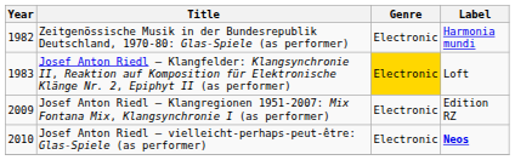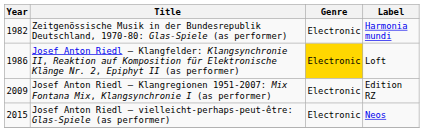 <table class="wikitable">
 <tr>
 <th>Year</th>
 <th>Title</th>
 <th>Genre</th>
 <th>Label</th>
 </tr>
 <tr>
 <td>1982</td>
 <td>Zeitgenössische Musik in der Bundesrepublik Deutschland, 1970-80: <em>Glas-Spiele</em> (as performer)</td>
 <td>Electronic</td>
 <td><a href='#'>Harmonia mundi</a></td>
 </tr>
 <tr>
-<td>1983</td>
+<td>1986</td>
 <td><a href='#'>Josef Anton Riedl</a> – Klangfelder: <em>Klangsynchronie II</em>, <em>Reaktion auf Komposition für Elektronische Klänge Nr. 2</em>, <em>Epiphyt II</em> (as performer)</td>
 <td style="background: gold;">Electronic</td>
 <td>Loft</td>
 </tr>
 <tr>
 <td>2009</td>
 <td>Josef Anton Riedl – Klangregionen 1951-2007: <em>Mix Fontana Mix</em>, <em>Klangsynchronie I</em> (as performer)</td>
 <td>Electronic</td>
 <td>Edition RZ</td>
 </tr>
 <tr>
-<td>2010</td>
+<td>2015</td>
 <td>Josef Anton Riedl – vielleicht-perhaps-peut-être: <em>Glas-Spiele</em> (as performer)</td>
 <td>Electronic</td>
-<td><strong><a href='#'>Neos</a></strong></td>
+<td><a href='#'>Neos</a></td>
 </tr>
 <tr>
 </tr>
 </table>
